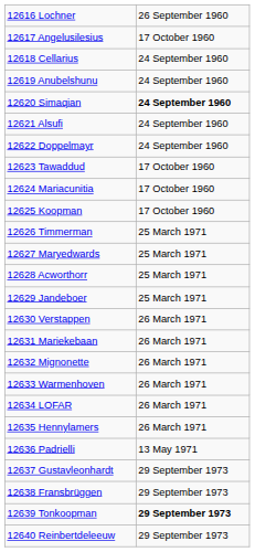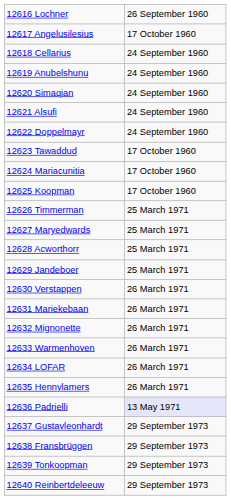 <table class="wikitable" style="font-size: 89%; float: left; width: 24em; margin-right: 1em; line-height: 1.65em">
 <tr>
 <td><a href='#'>12616 Lochner</a></td>
 <td>26 September 1960</td>
 </tr>
 <tr>
 <td><a href='#'>12617 Angelusilesius</a></td>
 <td>17 October 1960</td>
 </tr>
 <tr>
 <td><a href='#'>12618 Cellarius</a></td>
 <td>24 September 1960</td>
 </tr>
 <tr>
 <td><a href='#'>12619 Anubelshunu</a></td>
 <td>24 September 1960</td>
 </tr>
 <tr>
 <td><a href='#'>12620 Simaqian</a></td>
-<td><strong>24 September 1960</strong></td>
+<td>24 September 1960</td>
 </tr>
 <tr>
 <td><a href='#'>12621 Alsufi</a></td>
 <td>24 September 1960</td>
 </tr>
 <tr>
 <td><a href='#'>12622 Doppelmayr</a></td>
 <td>24 September 1960</td>
 </tr>
 <tr>
 <td><a href='#'>12623 Tawaddud</a></td>
 <td>17 October 1960</td>
 </tr>
 <tr>
 <td><a href='#'>12624 Mariacunitia</a></td>
 <td>17 October 1960</td>
 </tr>
 <tr>
 <td><a href='#'>12625 Koopman</a></td>
 <td>17 October 1960</td>
 </tr>
 <tr>
 <td><a href='#'>12626 Timmerman</a></td>
 <td>25 March 1971</td>
 </tr>
 <tr>
 <td><a href='#'>12627 Maryedwards</a></td>
 <td>25 March 1971</td>
 </tr>
 <tr>
 <td><a href='#'>12628 Acworthorr</a></td>
 <td>25 March 1971</td>
 </tr>
 <tr>
 <td><a href='#'>12629 Jandeboer</a></td>
 <td>25 March 1971</td>
 </tr>
 <tr>
 <td><a href='#'>12630 Verstappen</a></td>
 <td>26 March 1971</td>
 </tr>
 <tr>
 <td><a href='#'>12631 Mariekebaan</a></td>
 <td>26 March 1971</td>
 </tr>
 <tr>
 <td><a href='#'>12632 Mignonette</a></td>
 <td>26 March 1971</td>
 </tr>
 <tr>
 <td><a href='#'>12633 Warmenhoven</a></td>
 <td>26 March 1971</td>
 </tr>
 <tr>
 <td><a href='#'>12634 LOFAR</a></td>
 <td>26 March 1971</td>
 </tr>
 <tr>
 <td><a href='#'>12635 Hennylamers</a></td>
 <td>26 March 1971</td>
 </tr>
 <tr>
 <td><a href='#'>12636 Padrielli</a></td>
-<td>13 May 1971</td>
+<td style="background: lavender;">13 May 1971</td>
 </tr>
 <tr>
 <td><a href='#'>12637 Gustavleonhardt</a></td>
 <td>29 September 1973</td>
 </tr>
 <tr>
 <td><a href='#'>12638 Fransbrüggen</a></td>
 <td>29 September 1973</td>
 </tr>
 <tr>
 <td><a href='#'>12639 Tonkoopman</a></td>
-<td><strong>29 September 1973</strong></td>
+<td>29 September 1973</td>
 </tr>
 <tr>
 <td><a href='#'>12640 Reinbertdeleeuw</a></td>
 <td>29 September 1973</td>
 </tr>
 </table>
